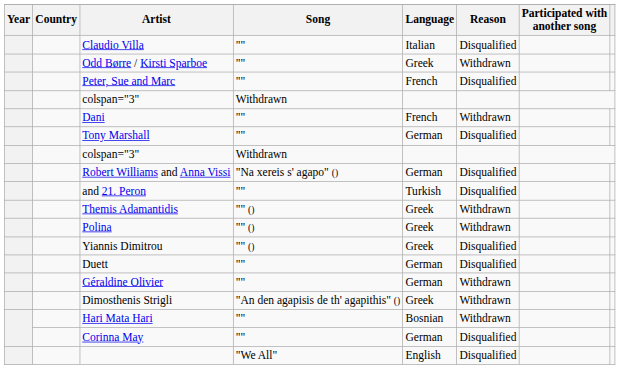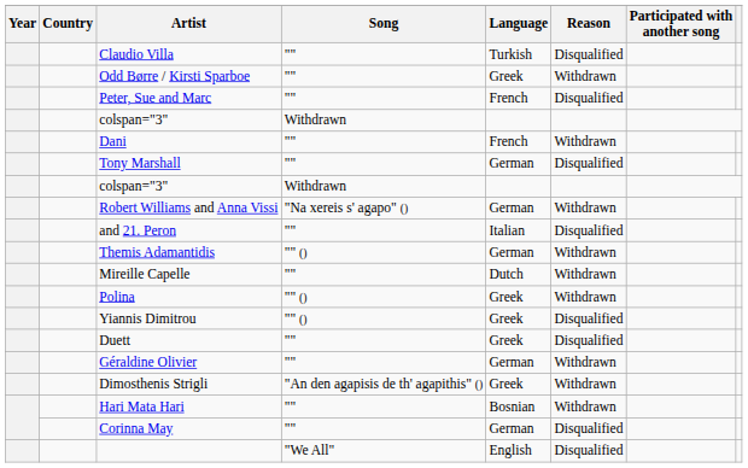 <table class="wikitable plainrowheaders">
 <tr>
 </tr>
 <tr>
 <th scope="col">Year</th>
 <th scope="col">Country</th>
 <th scope="col">Artist</th>
 <th scope="col">Song</th>
 <th scope="col">Language</th>
 <th scope="col">Reason</th>
 <th scope="col">Participated with<br>another song</th>
 <th scope="col"></th>
 </tr>
 <tr>
 <th scope="row"></th>
 <td></td>
 <td><a href='#'>Claudio Villa</a></td>
 <td>""</td>
-<td>Italian</td>
+<td>Turkish</td>
 <td>Disqualified</td>
 <td></td>
 <td style="text-align:center;"></td>
 </tr>
 <tr>
 <th scope="rowgroup"></th>
 <td></td>
 <td><a href='#'>Odd Børre</a> / <a href='#'>Kirsti Sparboe</a></td>
 <td>""</td>
 <td>Greek</td>
 <td>Withdrawn</td>
 <td></td>
 <td style="text-align:center;"></td>
 </tr>
 <tr>
 <th scope="row"></th>
 <td></td>
 <td><a href='#'>Peter, Sue and Marc</a></td>
 <td>""</td>
 <td>French</td>
 <td>Disqualified</td>
 <td></td>
 <td style="text-align:center;"></td>
 </tr>
 <tr>
 <th scope="row"></th>
 <td></td>
 <td>colspan="3" </td>
 <td>Withdrawn</td>
 <td></td>
 <td style="text-align:center;"></td>
 </tr>
 <tr>
 <th scope="row"></th>
 <td></td>
 <td><a href='#'>Dani</a></td>
 <td>""</td>
 <td>French</td>
 <td>Withdrawn</td>
 <td></td>
 <td style="text-align:center;"></td>
 </tr>
 <tr>
 <th scope="row"></th>
 <td></td>
 <td><a href='#'>Tony Marshall</a></td>
 <td>""</td>
 <td>German</td>
 <td>Disqualified</td>
 <td></td>
 <td style="text-align:center;"></td>
 </tr>
 <tr>
 <th scope="row"></th>
 <td></td>
 <td>colspan="3" </td>
 <td>Withdrawn</td>
 <td></td>
 <td style="text-align:center;"></td>
 </tr>
 <tr>
 <th scope="row"></th>
 <td></td>
 <td><a href='#'>Robert Williams</a> and <a href='#'>Anna Vissi</a></td>
 <td>"Na xereis s' agapo" <small>()</small></td>
 <td>German</td>
-<td>Disqualified</td>
+<td>Withdrawn</td>
 <td></td>
 <td style="text-align:center;"></td>
 </tr>
 <tr>
 <th scope="row"></th>
 <td></td>
 <td> and <a href='#'>21. Peron</a></td>
 <td>""</td>
-<td>Turkish</td>
+<td>Italian</td>
 <td>Disqualified</td>
 <td></td>
 <td style="text-align:center;"></td>
 </tr>
 <tr>
 <th scope="row"></th>
 <td></td>
 <td><a href='#'>Themis Adamantidis</a></td>
 <td>"" <small>()</small></td>
-<td>Greek</td>
+<td>German</td>
+<td>Withdrawn</td>
+<td></td>
+<td style="text-align:center;"></td>
+</tr>
+<tr>
+<th scope="row"></th>
+<td></td>
+<td>Mireille Capelle</td>
+<td>""</td>
+<td>Dutch</td>
 <td>Withdrawn</td>
 <td></td>
 <td style="text-align:center;"></td>
 </tr>
 <tr>
 <th scope="row"></th>
 <td></td>
 <td><a href='#'>Polina</a></td>
 <td>"" <small>()</small></td>
 <td>Greek</td>
 <td>Withdrawn</td>
 <td></td>
 <td style="text-align:center;"></td>
 </tr>
 <tr>
 <th scope="row"></th>
 <td></td>
 <td>Yiannis Dimitrou</td>
 <td>"" <small>()</small></td>
 <td>Greek</td>
 <td>Disqualified</td>
 <td></td>
 <td style="text-align:center;"></td>
 </tr>
 <tr>
 <th scope="row"></th>
 <td></td>
 <td>Duett</td>
 <td>""</td>
-<td>German</td>
+<td>Greek</td>
 <td>Disqualified</td>
 <td></td>
 <td style="text-align:center;"></td>
 </tr>
 <tr>
 <th scope="row"></th>
 <td></td>
 <td><a href='#'>Géraldine Olivier</a></td>
 <td>""</td>
 <td>German</td>
 <td>Withdrawn</td>
 <td></td>
 <td style="text-align:center;"></td>
 </tr>
 <tr>
 <th scope="row"></th>
 <td></td>
 <td>Dimosthenis Strigli</td>
 <td>"An den agapisis de th' agapithis" <small>()</small></td>
 <td>Greek</td>
 <td>Withdrawn</td>
 <td></td>
 <td style="text-align:center;"></td>
 </tr>
 <tr>
 <th scope="rowgroup" rowspan="2"></th>
 <td></td>
 <td><a href='#'>Hari Mata Hari</a></td>
 <td>""</td>
 <td>Bosnian</td>
 <td>Withdrawn</td>
 <td></td>
 <td style="text-align:center;"></td>
 </tr>
 <tr>
 <td></td>
 <td><a href='#'>Corinna May</a></td>
 <td>""</td>
 <td>German</td>
 <td>Disqualified</td>
 <td></td>
 <td style="text-align:center;"></td>
 </tr>
 <tr>
 <th scope="row"></th>
 <td></td>
 <td></td>
 <td>"We All"</td>
 <td>English</td>
 <td>Disqualified</td>
 <td></td>
 <td style="text-align:center;"></td>
 </tr>
 </table>
